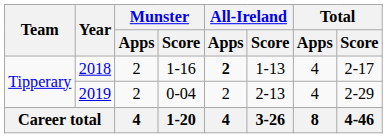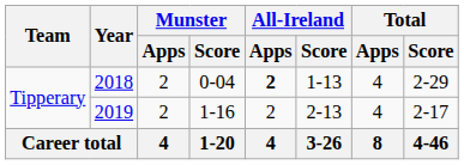 <table class="wikitable" style="text-align:center">
 <tr>
 <th rowspan="2">Team</th>
 <th rowspan="2">Year</th>
 <th colspan="2"><a href='#'>Munster</a></th>
 <th colspan="2"><a href='#'>All-Ireland</a></th>
 <th colspan="2">Total</th>
 </tr>
 <tr>
 <th>Apps</th>
 <th>Score</th>
 <th>Apps</th>
 <th>Score</th>
 <th>Apps</th>
 <th>Score</th>
 </tr>
 <tr>
 <td rowspan="2"><a href='#'>Tipperary</a></td>
 <td><a href='#'>2018</a></td>
 <td>2</td>
-<td>1-16</td>
+<td>0-04</td>
 <td><strong>2</strong></td>
 <td>1-13</td>
 <td>4</td>
-<td>2-17</td>
+<td>2-29</td>
 </tr>
 <tr>
 <td><a href='#'>2019</a></td>
 <td>2</td>
-<td>0-04</td>
+<td>1-16</td>
 <td>2</td>
 <td>2-13</td>
 <td>4</td>
-<td>2-29</td>
+<td>2-17</td>
 </tr>
 <tr>
 <th colspan="2">Career total</th>
 <th>4</th>
 <th>1-20</th>
 <th>4</th>
 <th>3-26</th>
 <th>8</th>
 <th>4-46</th>
 </tr>
 </table>
